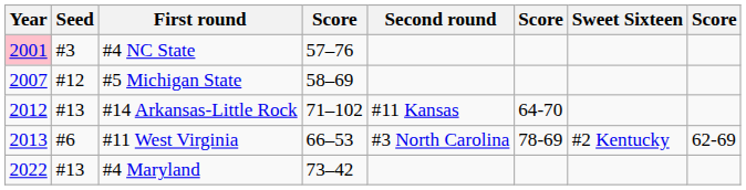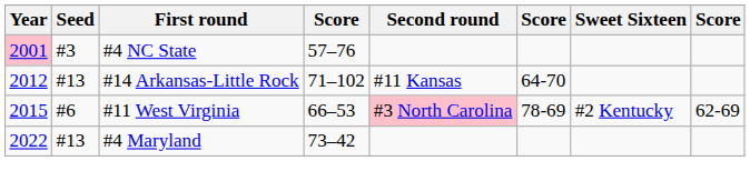 <table class="wikitable" style="font-size: ; text-align:">
 <tr>
 <th width=px>Year</th>
 <th width=px>Seed</th>
 <th width=px>First round</th>
 <th width=px>Score</th>
 <th width=px>Second round</th>
 <th width=px>Score</th>
 <th width=px>Sweet Sixteen</th>
 <th width=px>Score</th>
 </tr>
 <tr>
 <td style="background: pink;"><a href='#'>2001</a></td>
 <td>#3</td>
 <td>#4 <a href='#'>NC State</a></td>
 <td>57–76</td>
 <td></td>
 <td></td>
 <td></td>
 <td></td>
 </tr>
 <tr>
-<td><a href='#'>2007</a></td>
-<td>#12</td>
-<td>#5 <a href='#'>Michigan State</a></td>
-<td>58–69</td>
-<td></td>
-<td></td>
-<td></td>
-<td></td>
-</tr>
-<tr>
 <td><a href='#'>2012</a></td>
 <td>#13</td>
 <td>#14 <a href='#'>Arkansas-Little Rock</a></td>
 <td>71–102</td>
 <td>#11 <a href='#'>Kansas</a></td>
 <td>64-70</td>
 <td></td>
 <td></td>
 </tr>
 <tr>
-<td><a href='#'>2013</a></td>
+<td><a href='#'>2015</a></td>
 <td>#6</td>
 <td>#11 <a href='#'>West Virginia</a></td>
 <td>66–53</td>
-<td>#3 <a href='#'>North Carolina</a></td>
+<td style="background: pink;">#3 <a href='#'>North Carolina</a></td>
 <td>78-69</td>
 <td>#2 <a href='#'>Kentucky</a></td>
 <td>62-69</td>
 </tr>
 <tr>
 <td><a href='#'>2022</a></td>
 <td>#13</td>
 <td>#4 <a href='#'>Maryland</a></td>
 <td>73–42</td>
 <td></td>
 <td></td>
 <td></td>
 <td></td>
 </tr>
 </table>
